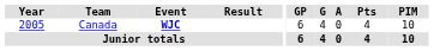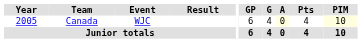 <table border="0" cellpadding="1" cellspacing="0" ID="Table3" style="text-align:center; width:40em">
 <tr ALIGN="center" bgcolor="#e0e0e0">
 <th>Year</th>
 <th>Team</th>
 <th>Event</th>
 <th>Result</th>
 <th rowspan="99" bgcolor="#ffffff"></th>
 <th>GP</th>
 <th>G</th>
 <th>A</th>
 <th>Pts</th>
 <th>PIM</th>
 </tr>
 <tr>
 <td><a href='#'>2005</a></td>
 <td><a href='#'>Canada</a></td>
-<td><strong><a href='#'>WJC</a></strong></td>
+<td><a href='#'>WJC</a></td>
 <td></td>
 <td>6</td>
 <td>4</td>
-<td>0</td>
+<td style="background: lightyellow;">0</td>
 <td>4</td>
-<td>10</td>
+<td style="background: lightyellow;">10</td>
 </tr>
 <tr bgcolor="#e0e0e0">
 <th colspan=4>Junior totals</th>
 <th>6</th>
 <th>4</th>
 <th>0</th>
 <th>4</th>
 <th>10</th>
 </tr>
 </table>
